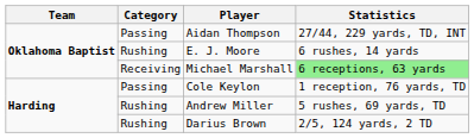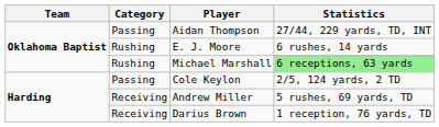 <table class="wikitable" style="float: right;">
 <tr>
 <th>Team</th>
 <th>Category</th>
 <th>Player</th>
 <th>Statistics</th>
 </tr>
 <tr>
 <td rowspan=3><strong>Oklahoma Baptist</strong></td>
 <td>Passing</td>
 <td>Aidan Thompson</td>
 <td>27/44, 229 yards, TD, INT</td>
 </tr>
 <tr>
 <td>Rushing</td>
 <td>E. J. Moore</td>
 <td>6 rushes, 14 yards</td>
 </tr>
 <tr>
-<td>Receiving</td>
+<td>Rushing</td>
 <td>Michael Marshall</td>
 <td style="background: lightgreen;">6 receptions, 63 yards</td>
 </tr>
 <tr>
 <td rowspan=3><strong>Harding</strong></td>
 <td>Passing</td>
 <td>Cole Keylon</td>
-<td>1 reception, 76 yards, TD</td>
+<td>2/5, 124 yards, 2 TD</td>
 </tr>
 <tr>
-<td>Rushing</td>
+<td>Receiving</td>
 <td>Andrew Miller</td>
 <td>5 rushes, 69 yards, TD</td>
 </tr>
 <tr>
-<td>Rushing</td>
+<td>Receiving</td>
 <td>Darius Brown</td>
-<td>2/5, 124 yards, 2 TD</td>
+<td>1 reception, 76 yards, TD</td>
 </tr>
 </table>
